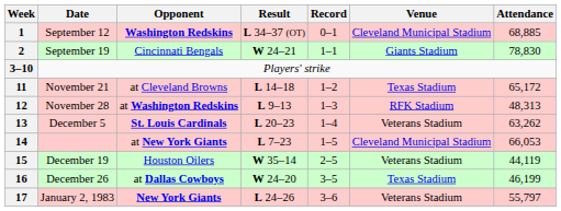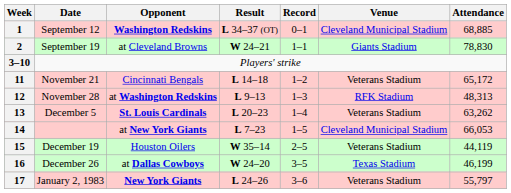 <table class="wikitable" style="text-align:center">
 <tr>
 <th>Week</th>
 <th>Date</th>
 <th>Opponent</th>
 <th>Result</th>
 <th>Record</th>
 <th>Venue</th>
 <th>Attendance</th>
 </tr>
 <tr style="background:#fcc">
 <th>1</th>
 <td>September 12</td>
 <td><strong><a href='#'>Washington Redskins</a></strong></td>
 <td><strong>L</strong> 34–37 <small>(OT)</small></td>
 <td>0–1</td>
 <td><a href='#'>Cleveland Municipal Stadium</a></td>
 <td>68,885</td>
 </tr>
 <tr style="background:#cfc">
 <th>2</th>
 <td>September 19</td>
-<td><a href='#'>Cincinnati Bengals</a></td>
+<td>at <a href='#'>Cleveland Browns</a></td>
 <td><strong>W</strong> 24–21</td>
 <td>1–1</td>
 <td><a href='#'>Giants Stadium</a></td>
 <td>78,830</td>
 </tr>
 <tr>
 <th>3–10</th>
 <td colspan=7 align="center"><em>Players' strike</em></td>
 </tr>
 <tr style="background:#fcc">
 <th>11</th>
 <td>November 21</td>
-<td>at <a href='#'>Cleveland Browns</a></td>
+<td><a href='#'>Cincinnati Bengals</a></td>
 <td><strong>L</strong> 14–18</td>
 <td>1–2</td>
-<td><a href='#'>Texas Stadium</a></td>
+<td>Veterans Stadium</td>
 <td>65,172</td>
 </tr>
 <tr style="background:#fcc">
 <th>12</th>
 <td>November 28</td>
 <td>at <strong><a href='#'>Washington Redskins</a></strong></td>
 <td><strong>L</strong> 9–13</td>
 <td>1–3</td>
 <td><a href='#'>RFK Stadium</a></td>
 <td>48,313</td>
 </tr>
 <tr style="background:#fcc">
 <th>13</th>
 <td>December 5</td>
 <td><strong><a href='#'>St. Louis Cardinals</a></strong></td>
 <td><strong>L</strong> 20–23</td>
 <td>1–4</td>
 <td>Veterans Stadium</td>
 <td>63,262</td>
 </tr>
 <tr style="background:#fcc">
 <th>14</th>
 <td></td>
 <td>at <strong><a href='#'>New York Giants</a></strong></td>
 <td><strong>L</strong> 7–23</td>
 <td>1–5</td>
 <td><a href='#'>Cleveland Municipal Stadium</a></td>
 <td>66,053</td>
 </tr>
 <tr style="background:#cfc">
 <th>15</th>
 <td>December 19</td>
 <td><a href='#'>Houston Oilers</a></td>
 <td><strong>W</strong> 35–14</td>
 <td>2–5</td>
 <td>Veterans Stadium</td>
 <td>44,119</td>
 </tr>
 <tr style="background:#cfc">
 <th>16</th>
 <td>December 26</td>
 <td>at <strong><a href='#'>Dallas Cowboys</a></strong></td>
 <td><strong>W</strong> 24–20</td>
 <td>3–5</td>
 <td><a href='#'>Texas Stadium</a></td>
 <td>46,199</td>
 </tr>
 <tr style="background:#fcc">
 <th>17</th>
 <td>January 2, 1983</td>
 <td><strong><a href='#'>New York Giants</a></strong></td>
 <td><strong>L</strong> 24–26</td>
 <td>3–6</td>
 <td>Veterans Stadium</td>
 <td>55,797</td>
 </tr>
 </table>
